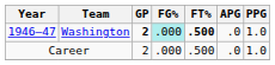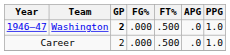 <table class="wikitable sortable" style="font-size:95%; text-align:right;">
 <tr>
 <th>Year</th>
 <th>Team</th>
 <th>GP</th>
 <th>FG%</th>
 <th>FT%</th>
 <th>APG</th>
 <th>PPG</th>
 </tr>
 <tr>
 <td style="text-align:left;"><a href='#'>1946–47</a></td>
 <td style="text-align:left;"><a href='#'>Washington</a></td>
 <td><strong>2</strong></td>
-<td style="background: paleturquoise;">.000</td>
-<td><strong>.500</strong></td>
+<td>.000</td>
+<td>.500</td>
 <td>.0</td>
 <td>1.0</td>
 </tr>
 <tr>
 <td style="text-align:center;" colspan="2">Career</td>
 <td>2</td>
 <td>.000</td>
 <td>.500</td>
 <td>.0</td>
 <td>1.0</td>
 </tr>
 <tr>
 </tr>
 </table>
